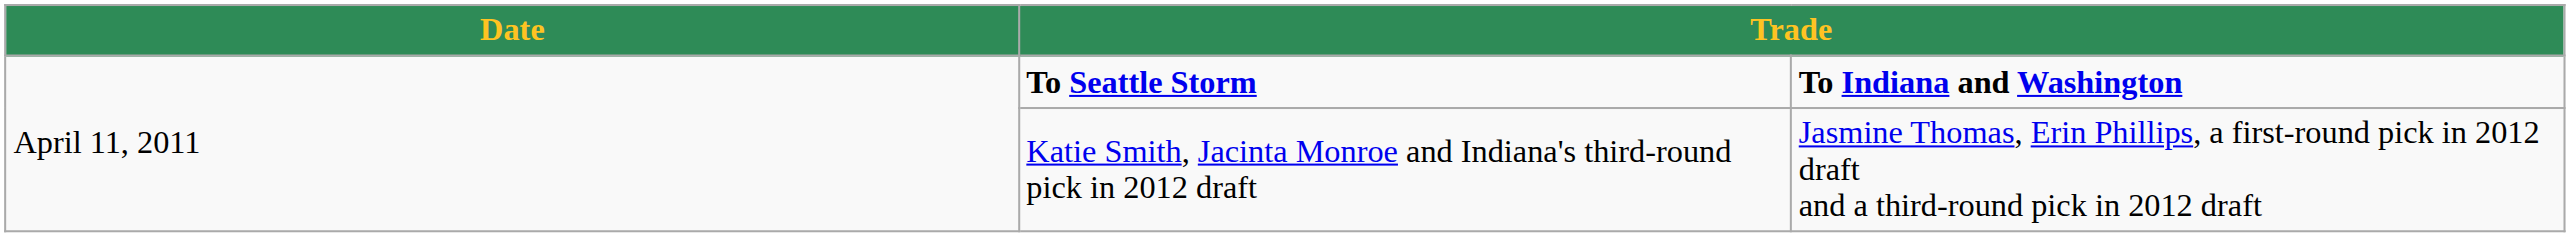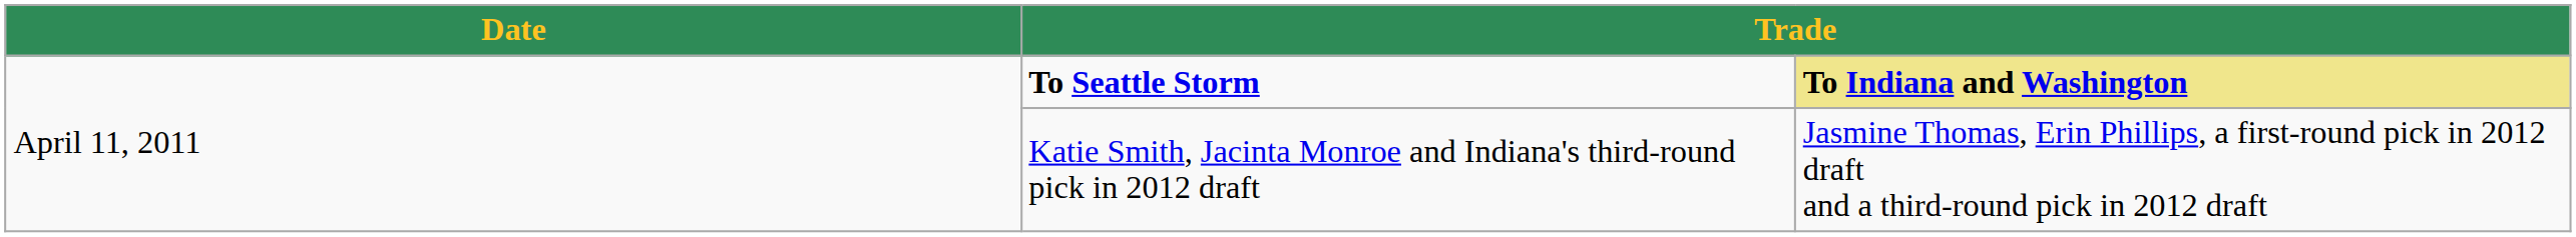 <table class="wikitable" style="width:80%;margin:0.5em auto;">
 <tr>
 <th style="background:#2E8B57;color:#FFC322; width=125">Date</th>
 <th style="background:#2E8B57;color:#FFC322;" colspan=2>Trade</th>
 </tr>
 <tr>
 <td rowspan=2>April 11, 2011</td>
 <td width=375><strong>To <a href='#'>Seattle Storm</a></strong></td>
-<td width=375><strong>To <a href='#'>Indiana</a> and <a href='#'>Washington</a></strong></td>
+<td width=375 style="background: khaki;"><strong>To <a href='#'>Indiana</a> and <a href='#'>Washington</a></strong></td>
 </tr>
 <tr>
 <td><a href='#'>Katie Smith</a>, <a href='#'>Jacinta Monroe</a> and Indiana's third-round pick in 2012 draft</td>
 <td><a href='#'>Jasmine Thomas</a>, <a href='#'>Erin Phillips</a>, a first-round pick in 2012 draft<br>and a third-round pick in 2012 draft</td>
 </tr>
 </table>
